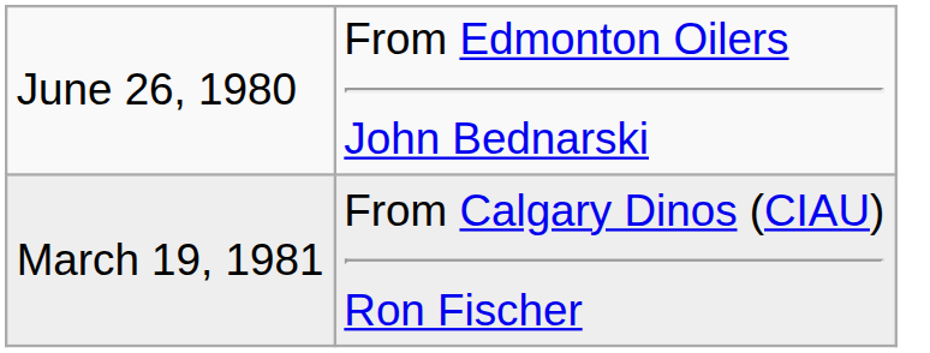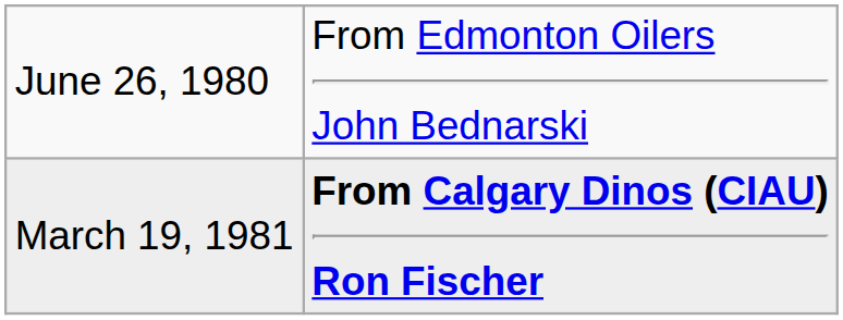 <table class="wikitable">
 <tr>
 <td>June 26, 1980</td>
 <td valign="top">From <a href='#'>Edmonton Oilers</a><hr><a href='#'>John Bednarski</a></td>
 </tr>
 <tr style="background:#eee;">
 <td>March 19, 1981</td>
-<td valign="top">From <a href='#'>Calgary Dinos</a> (<a href='#'>CIAU</a>)<hr><a href='#'>Ron Fischer</a></td>
+<td valign="top"><strong>From <a href='#'>Calgary Dinos</a> (<a href='#'>CIAU</a>)<hr><a href='#'>Ron Fischer</a></strong></td>
 </tr>
 </table>
